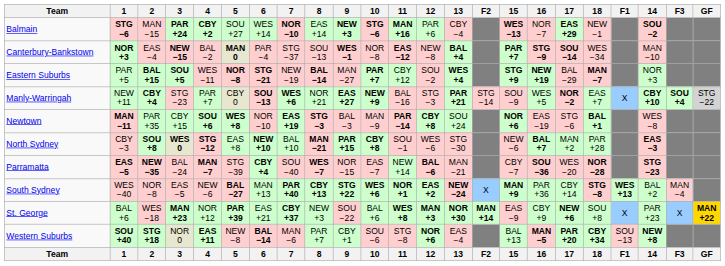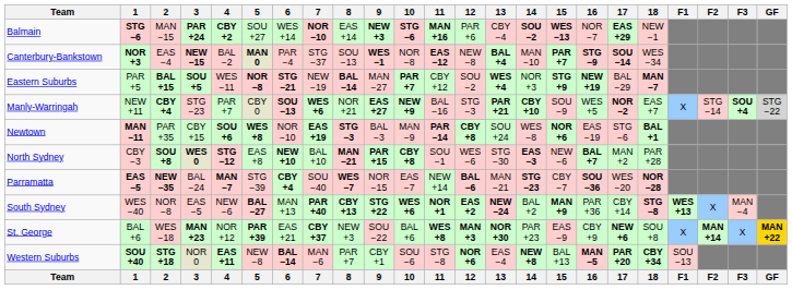 <table class="wikitable sortable" style="font-size:85%; text-align:center; width:90%">
 <tr valign="top">
 <th valign="middle">Team</th>
 <th>1</th>
 <th>2</th>
 <th>3</th>
 <th>4</th>
 <th>5</th>
 <th>6</th>
 <th>7</th>
 <th>8</th>
 <th>9</th>
 <th>10</th>
 <th>11</th>
 <th>12</th>
 <th>13</th>
-<th>F2</th>
+<th>14</th>
 <th>15</th>
 <th>16</th>
 <th>17</th>
 <th>18</th>
 <th>F1</th>
-<th>14</th>
+<th>F2</th>
 <th>F3</th>
 <th>GF</th>
 </tr>
 <tr>
 <td align="left"><a href='#'>Balmain</a></td>
 <td style="background:#FFCFCF;"><strong>STG<br>−6</strong></td>
 <td style="background:#FFCFCF;">MAN<br>−15</td>
 <td style="background:#cfc;"><strong>PAR<br>+24</strong></td>
 <td style="background:#cfc;"><strong>CBY<br>+2</strong></td>
 <td style="background:#cfc;">SOU<br>+27</td>
 <td style="background:#cfc;">WES<br>+14</td>
 <td style="background:#FFCFCF;"><strong>NOR<br>−10</strong></td>
 <td style="background:#cfc;">EAS<br>+14</td>
 <td style="background:#cfc;"><strong>NEW<br>+3</strong></td>
 <td style="background:#FFCFCF;"><strong>STG<br>−6</strong></td>
 <td style="background:#cfc;"><strong>MAN<br>+16</strong></td>
 <td style="background:#cfc;">PAR<br>+6</td>
 <td style="background:#FFCFCF;">CBY<br>−4</td>
-<td style="background:#808080;"></td>
+<td style="background:#FFCFCF;"><strong>SOU<br>−2</strong></td>
 <td style="background:#FFCFCF;"><strong>WES<br>−13</strong></td>
 <td style="background:#FFCFCF;">NOR<br>−7</td>
 <td style="background:#cfc;"><strong>EAS<br>+29</strong></td>
 <td style="background:#FFCFCF;">NEW<br>−1</td>
 <td style="background:#808080;"></td>
-<td style="background:#FFCFCF;"><strong>SOU<br>−2</strong></td>
+<td style="background:#808080;"></td>
 <td style="background:#808080;"></td>
 <td style="background:#808080;"></td>
 </tr>
 <tr>
 <td align="left"><a href='#'>Canterbury-Bankstown</a></td>
 <td style="background:#cfc;"><strong>NOR<br>+3</strong></td>
 <td style="background:#FFCFCF;">EAS<br>−4</td>
 <td style="background:#FFCFCF;"><strong>NEW<br>−15</strong></td>
 <td style="background:#FFCFCF;">BAL<br>−2</td>
 <td style="background:#E6E7CE"><strong>MAN<br>0</strong></td>
 <td style="background:#FFCFCF;">PAR<br>−4</td>
 <td style="background:#FFCFCF;">STG<br>−37</td>
 <td style="background:#FFCFCF;">SOU<br>−13</td>
 <td style="background:#FFCFCF;"><strong>WES<br>−1</strong></td>
 <td style="background:#FFCFCF;">NOR<br>−8</td>
 <td style="background:#FFCFCF;"><strong>EAS<br>−12</strong></td>
 <td style="background:#FFCFCF;">NEW<br>−8</td>
 <td style="background:#cfc;"><strong>BAL<br>+4</strong></td>
-<td style="background:#808080;"></td>
+<td style="background:#FFCFCF;">MAN<br>−10</td>
 <td style="background:#cfc;"><strong>PAR<br>+7</strong></td>
 <td style="background:#FFCFCF;"><strong>STG<br>−9</strong></td>
 <td style="background:#FFCFCF;"><strong>SOU<br>−14</strong></td>
 <td style="background:#FFCFCF;">WES<br>−34</td>
 <td style="background:#808080;"></td>
-<td style="background:#FFCFCF;">MAN<br>−10</td>
+<td style="background:#808080;"></td>
 <td style="background:#808080;"></td>
 <td style="background:#808080;"></td>
 </tr>
 <tr>
 <td align="left"><a href='#'>Eastern Suburbs</a></td>
 <td style="background:#cfc;">PAR<br>+5</td>
 <td style="background:#cfc;"><strong>BAL<br>+15</strong></td>
 <td style="background:#cfc;"><strong>SOU<br>+5</strong></td>
 <td style="background:#FFCFCF;">WES<br>−11</td>
 <td style="background:#FFCFCF;"><strong>NOR<br>−8</strong></td>
 <td style="background:#FFCFCF;"><strong>STG<br>−21</strong></td>
 <td style="background:#FFCFCF;">NEW<br>−19</td>
 <td style="background:#FFCFCF;"><strong>BAL<br>−14</strong></td>
 <td style="background:#FFCFCF;">MAN<br>−27</td>
 <td style="background:#cfc;"><strong>PAR<br>+7</strong></td>
 <td style="background:#cfc;">CBY<br>+12</td>
 <td style="background:#FFCFCF;">SOU<br>−2</td>
 <td style="background:#cfc;"><strong>WES<br>+4</strong></td>
-<td style="background:#808080;"></td>
+<td style="background:#cfc;">NOR<br>+3</td>
 <td style="background:#cfc;"><strong>STG<br>+9</strong></td>
 <td style="background:#cfc;"><strong>NEW<br>+19</strong></td>
 <td style="background:#FFCFCF;">BAL<br>−29</td>
 <td style="background:#FFCFCF;"><strong>MAN<br>−7</strong></td>
 <td style="background:#808080;"></td>
-<td style="background:#cfc;">NOR<br>+3</td>
+<td style="background:#808080;"></td>
 <td style="background:#808080;"></td>
 <td style="background:#808080;"></td>
 </tr>
 <tr>
 <td align="left"><a href='#'>Manly-Warringah</a></td>
 <td style="background:#cfc;">NEW<br>+11</td>
 <td style="background:#cfc;"><strong>CBY<br>+4</strong></td>
 <td style="background:#FFCFCF;">STG<br>−23</td>
 <td style="background:#cfc;">PAR<br>+7</td>
 <td style="background:#E6E7CE">CBY<br>0</td>
 <td style="background:#FFCFCF;"><strong>SOU<br>−13</strong></td>
 <td style="background:#cfc;"><strong>WES<br>+6</strong></td>
 <td style="background:#cfc;">NOR<br>+21</td>
 <td style="background:#cfc;"><strong>EAS<br>+27</strong></td>
 <td style="background:#cfc;"><strong>NEW<br>+9</strong></td>
 <td style="background:#FFCFCF;">BAL<br>−16</td>
 <td style="background:#FFCFCF;">STG<br>−3</td>
 <td style="background:#cfc;"><strong>PAR<br>+21</strong></td>
-<td style="background:#FFCFCF;">STG<br>−14</td>
+<td style="background:#cfc;"><strong>CBY<br>+10</strong></td>
 <td style="background:#FFCFCF;">SOU<br>−9</td>
 <td style="background:#cfc;">WES<br>+5</td>
 <td style="background:#FFCFCF;"><strong>NOR<br>−2</strong></td>
 <td style="background:#cfc;">EAS<br>+7</td>
 <td style="background:#99ccff;">X</td>
-<td style="background:#cfc;"><strong>CBY<br>+10</strong></td>
+<td style="background:#FFCFCF;">STG<br>−14</td>
 <td style="background:#cfc;"><strong>SOU<br>+4</strong></td>
 <td style="background:#D3D3D3;">STG<br>−22</td>
 </tr>
 <tr>
 <td align="left"><a href='#'>Newtown</a></td>
 <td style="background:#FFCFCF;"><strong>MAN<br>−11</strong></td>
 <td style="background:#cfc;">PAR<br>+35</td>
 <td style="background:#cfc;">CBY<br>+15</td>
 <td style="background:#cfc;"><strong>SOU<br>+6</strong></td>
 <td style="background:#cfc;"><strong>WES<br>+8</strong></td>
 <td style="background:#FFCFCF;">NOR<br>−10</td>
 <td style="background:#cfc;"><strong>EAS<br>+19</strong></td>
 <td style="background:#FFCFCF;"><strong>STG<br>−3</strong></td>
 <td style="background:#FFCFCF;">BAL<br>−3</td>
 <td style="background:#FFCFCF;">MAN<br>−9</td>
 <td style="background:#FFCFCF;"><strong>PAR<br>−14</strong></td>
 <td style="background:#cfc;"><strong>CBY<br>+8</strong></td>
 <td style="background:#cfc;">SOU<br>+24</td>
-<td style="background:#808080;"></td>
+<td style="background:#FFCFCF;">WES<br>−8</td>
 <td style="background:#cfc;"><strong>NOR<br>+6</strong></td>
 <td style="background:#FFCFCF;">EAS<br>−19</td>
 <td style="background:#FFCFCF;">STG<br>−6</td>
 <td style="background:#cfc;"><strong>BAL<br>+1</strong></td>
 <td style="background:#808080;"></td>
-<td style="background:#FFCFCF;">WES<br>−8</td>
+<td style="background:#808080;"></td>
 <td style="background:#808080;"></td>
 <td style="background:#808080;"></td>
 </tr>
 <tr>
 <td align="left"><a href='#'>North Sydney</a></td>
 <td style="background:#FFCFCF;">CBY<br>−3</td>
 <td style="background:#cfc;"><strong>SOU<br>+8</strong></td>
 <td style="background:#E6E7CE"><strong>WES<br>0</strong></td>
 <td style="background:#FFCFCF;"><strong>STG<br>−12</strong></td>
 <td style="background:#cfc;">EAS<br>+8</td>
 <td style="background:#cfc;"><strong>NEW<br>+10</strong></td>
 <td style="background:#cfc;">BAL<br>+10</td>
 <td style="background:#FFCFCF;"><strong>MAN<br>−21</strong></td>
 <td style="background:#cfc;"><strong>PAR<br>+15</strong></td>
 <td style="background:#cfc;"><strong>CBY<br>+8</strong></td>
 <td style="background:#FFCFCF;">SOU<br>−1</td>
 <td style="background:#FFCFCF;">WES<br>−6</td>
 <td style="background:#FFCFCF;">STG<br>−30</td>
-<td style="background:#808080;"></td>
+<td style="background:#FFCFCF;"><strong>EAS<br>−3</strong></td>
 <td style="background:#FFCFCF;">NEW<br>−6</td>
 <td style="background:#cfc;"><strong>BAL<br>+7</strong></td>
 <td style="background:#cfc;">MAN<br>+2</td>
 <td style="background:#cfc;">PAR<br>+28</td>
 <td style="background:#808080;"></td>
-<td style="background:#FFCFCF;"><strong>EAS<br>−3</strong></td>
+<td style="background:#808080;"></td>
 <td style="background:#808080;"></td>
 <td style="background:#808080;"></td>
 </tr>
 <tr>
 <td align="left"><a href='#'>Parramatta</a></td>
 <td style="background:#FFCFCF;"><strong>EAS<br>−5</strong></td>
 <td style="background:#FFCFCF;"><strong>NEW<br>−35</strong></td>
 <td style="background:#FFCFCF;">BAL<br>−24</td>
 <td style="background:#FFCFCF;"><strong>MAN<br>−7</strong></td>
 <td style="background:#FFCFCF;">STG<br>−39</td>
 <td style="background:#cfc;"><strong>CBY<br>+4</strong></td>
 <td style="background:#FFCFCF;">SOU<br>−40</td>
 <td style="background:#FFCFCF;"><strong>WES<br>−7</strong></td>
 <td style="background:#FFCFCF;">NOR<br>−15</td>
 <td style="background:#FFCFCF;">EAS<br>−7</td>
 <td style="background:#cfc;">NEW<br>+14</td>
 <td style="background:#FFCFCF;"><strong>BAL<br>−6</strong></td>
 <td style="background:#FFCFCF;">MAN<br>−21</td>
-<td style="background:#808080;"></td>
+<td style="background:#FFCFCF;"><strong>STG<br>−23</strong></td>
 <td style="background:#FFCFCF;">CBY<br>−7</td>
 <td style="background:#FFCFCF;"><strong>SOU<br>−36</strong></td>
 <td style="background:#FFCFCF;">WES<br>−20</td>
 <td style="background:#FFCFCF;"><strong>NOR<br>−28</strong></td>
 <td style="background:#808080;"></td>
-<td style="background:#FFCFCF;"><strong>STG<br>−23</strong></td>
+<td style="background:#808080;"></td>
 <td style="background:#808080;"></td>
 <td style="background:#808080;"></td>
 </tr>
 <tr>
 <td align="left"><a href='#'>South Sydney</a></td>
 <td style="background:#FFCFCF;">WES<br>−40</td>
 <td style="background:#FFCFCF;">NOR<br>−8</td>
 <td style="background:#FFCFCF;">EAS<br>−5</td>
 <td style="background:#FFCFCF;">NEW<br>−6</td>
 <td style="background:#FFCFCF;"><strong>BAL<br>−27</strong></td>
 <td style="background:#cfc;">MAN<br>+13</td>
 <td style="background:#cfc;"><strong>PAR<br>+40</strong></td>
 <td style="background:#cfc;"><strong>CBY<br>+13</strong></td>
 <td style="background:#cfc;"><strong>STG<br>+22</strong></td>
 <td style="background:#cfc;"><strong>WES<br>+6</strong></td>
 <td style="background:#cfc;"><strong>NOR<br>+1</strong></td>
 <td style="background:#cfc;"><strong>EAS<br>+2</strong></td>
 <td style="background:#FFCFCF;"><strong>NEW<br>−24</strong></td>
-<td style="background:#99ccff;">X</td>
+<td style="background:#cfc;">BAL<br>+2</td>
 <td style="background:#cfc;"><strong>MAN<br>+9</strong></td>
 <td style="background:#cfc;">PAR<br>+36</td>
 <td style="background:#cfc;">CBY<br>+14</td>
 <td style="background:#FFCFCF;"><strong>STG<br>−8</strong></td>
 <td style="background:#cfc;"><strong>WES<br>+13</strong></td>
-<td style="background:#cfc;">BAL<br>+2</td>
+<td style="background:#99ccff;">X</td>
 <td style="background:#FFCFCF;">MAN<br>−4</td>
 <td style="background:#808080;"></td>
 </tr>
 <tr>
 <td align="left"><a href='#'>St. George</a></td>
 <td style="background:#cfc;">BAL<br>+6</td>
 <td style="background:#FFCFCF;">WES<br>−18</td>
 <td style="background:#cfc;"><strong>MAN<br>+23</strong></td>
 <td style="background:#cfc;">NOR<br>+12</td>
 <td style="background:#cfc;"><strong>PAR<br>+39</strong></td>
 <td style="background:#cfc;">EAS<br>+21</td>
 <td style="background:#cfc;"><strong>CBY<br>+37</strong></td>
 <td style="background:#cfc;">NEW<br>+3</td>
 <td style="background:#FFCFCF;">SOU<br>−22</td>
 <td style="background:#cfc;">BAL<br>+6</td>
 <td style="background:#cfc;"><strong>WES<br>+8</strong></td>
 <td style="background:#cfc;"><strong>MAN<br>+3</strong></td>
 <td style="background:#cfc;"><strong>NOR<br>+30</strong></td>
-<td style="background:#cfc;"><strong>MAN<br>+14</strong></td>
+<td style="background:#cfc;">PAR<br>+23</td>
 <td style="background:#FFCFCF;">EAS<br>−9</td>
 <td style="background:#cfc;">CBY<br>+9</td>
 <td style="background:#cfc;"><strong>NEW<br>+6</strong></td>
 <td style="background:#cfc;">SOU<br>+8</td>
 <td style="background:#99ccff;">X</td>
-<td style="background:#cfc;">PAR<br>+23</td>
+<td style="background:#cfc;"><strong>MAN<br>+14</strong></td>
 <td style="background:#99ccff;">X</td>
 <td style="background:#FFD700;"><strong>MAN<br>+22</strong></td>
 </tr>
 <tr>
 <td align="left"><a href='#'>Western Suburbs</a></td>
 <td style="background:#cfc;"><strong>SOU<br>+40</strong></td>
 <td style="background:#cfc;"><strong>STG<br>+18</strong></td>
 <td style="background:#E6E7CE">NOR<br>0</td>
 <td style="background:#cfc;"><strong>EAS<br>+11</strong></td>
 <td style="background:#FFCFCF;">NEW<br>−8</td>
 <td style="background:#FFCFCF;"><strong>BAL<br>−14</strong></td>
 <td style="background:#FFCFCF;">MAN<br>−6</td>
 <td style="background:#cfc;">PAR<br>+7</td>
 <td style="background:#cfc;">CBY<br>+1</td>
 <td style="background:#FFCFCF;">SOU<br>−6</td>
 <td style="background:#FFCFCF;">STG<br>−8</td>
 <td style="background:#cfc;"><strong>NOR<br>+6</strong></td>
 <td style="background:#FFCFCF;">EAS<br>−4</td>
-<td style="background:#808080;"></td>
+<td style="background:#cfc;"><strong>NEW<br>+8</strong></td>
 <td style="background:#cfc;">BAL<br>+13</td>
 <td style="background:#FFCFCF;"><strong>MAN<br>−5</strong></td>
 <td style="background:#cfc;"><strong>PAR<br>+20</strong></td>
 <td style="background:#cfc;"><strong>CBY<br>+34</strong></td>
 <td style="background:#FFCFCF;">SOU<br>−13</td>
-<td style="background:#cfc;"><strong>NEW<br>+8</strong></td>
+<td style="background:#808080;"></td>
 <td style="background:#808080;"></td>
 <td style="background:#808080;"></td>
 </tr>
 <tr valign="top">
 <th valign="middle">Team</th>
 <th>1</th>
 <th>2</th>
 <th>3</th>
 <th>4</th>
 <th>5</th>
 <th>6</th>
 <th>7</th>
 <th>8</th>
 <th>9</th>
 <th>10</th>
 <th>11</th>
 <th>12</th>
 <th>13</th>
-<th>F2</th>
+<th>14</th>
 <th>15</th>
 <th>16</th>
 <th>17</th>
 <th>18</th>
 <th>F1</th>
-<th>14</th>
+<th>F2</th>
 <th>F3</th>
 <th>GF</th>
 </tr>
 </table>
